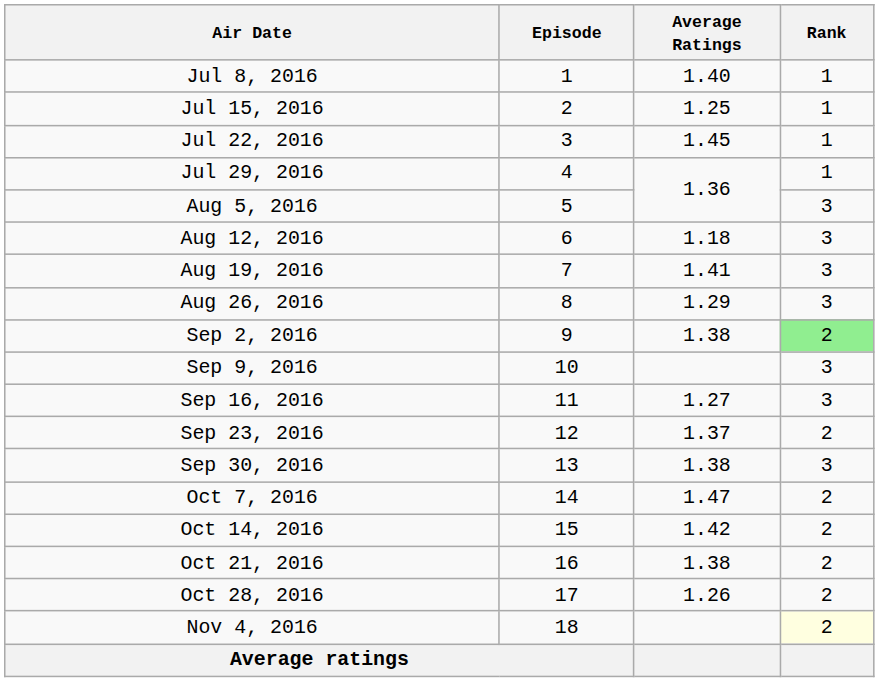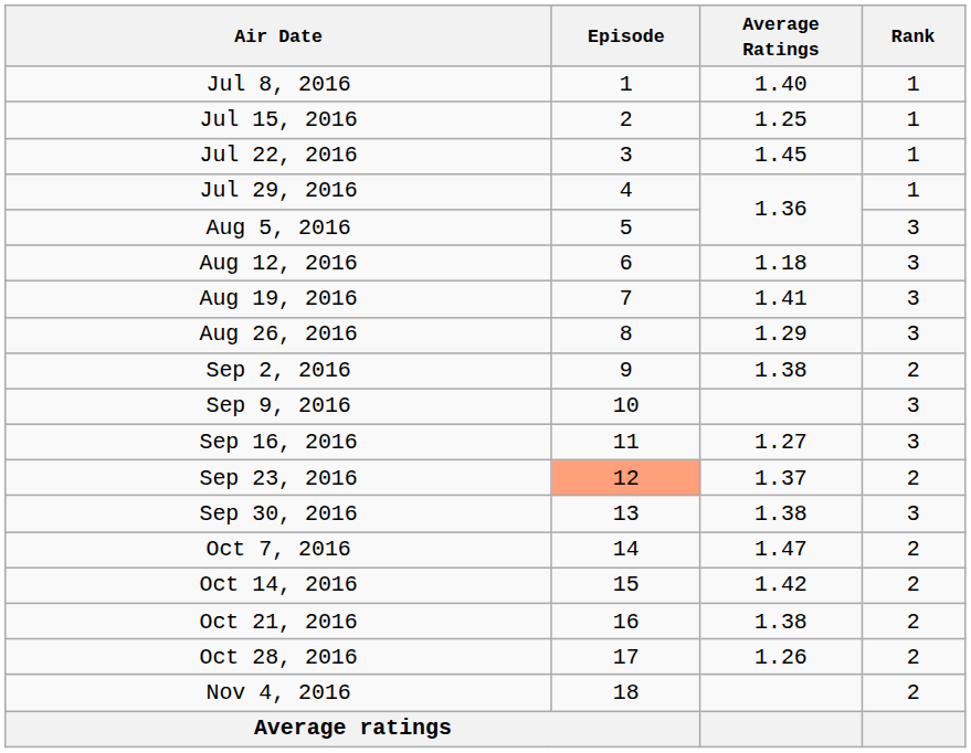 <table class="wikitable" style="text-align:center;width:45%;">
 <tr>
 <th width="25%"><small>Air Date</small></th>
 <th width="5%"><small>Episode</small></th>
 <th width="6%"><small>Average Ratings</small></th>
 <th width="4%"><small>Rank</small></th>
 </tr>
 <tr>
 <td>Jul 8, 2016</td>
 <td>1</td>
 <td>1.40</td>
 <td>1</td>
 </tr>
 <tr>
 <td>Jul 15, 2016</td>
 <td>2</td>
 <td>1.25</td>
 <td>1</td>
 </tr>
 <tr>
 <td>Jul 22, 2016</td>
 <td>3</td>
 <td>1.45</td>
 <td>1</td>
 </tr>
 <tr>
 <td>Jul 29, 2016</td>
 <td>4</td>
 <td rowspan=2>1.36</td>
 <td>1</td>
 </tr>
 <tr>
 <td>Aug 5, 2016</td>
 <td>5</td>
 <td>3</td>
 </tr>
 <tr>
 <td>Aug 12, 2016</td>
 <td>6</td>
 <td>1.18</td>
 <td>3</td>
 </tr>
 <tr>
 <td>Aug 19, 2016</td>
 <td>7</td>
 <td>1.41</td>
 <td>3</td>
 </tr>
 <tr>
 <td>Aug 26, 2016</td>
 <td>8</td>
 <td>1.29</td>
 <td>3</td>
 </tr>
 <tr>
 <td>Sep 2, 2016</td>
 <td>9</td>
 <td>1.38</td>
-<td style="background: lightgreen;">2</td>
+<td>2</td>
 </tr>
 <tr>
 <td>Sep 9, 2016</td>
 <td>10</td>
 <td><strong></strong></td>
 <td>3</td>
 </tr>
 <tr>
 <td>Sep 16, 2016</td>
 <td>11</td>
 <td>1.27</td>
 <td>3</td>
 </tr>
 <tr>
 <td>Sep 23, 2016</td>
-<td>12</td>
+<td style="background: lightsalmon;">12</td>
 <td>1.37</td>
 <td>2</td>
 </tr>
 <tr>
 <td>Sep 30, 2016</td>
 <td>13</td>
 <td>1.38</td>
 <td>3</td>
 </tr>
 <tr>
 <td>Oct 7, 2016</td>
 <td>14</td>
 <td>1.47</td>
 <td>2</td>
 </tr>
 <tr>
 <td>Oct 14, 2016</td>
 <td>15</td>
 <td>1.42</td>
 <td>2</td>
 </tr>
 <tr>
 <td>Oct 21, 2016</td>
 <td>16</td>
 <td>1.38</td>
 <td>2</td>
 </tr>
 <tr>
 <td>Oct 28, 2016</td>
 <td>17</td>
 <td>1.26</td>
 <td>2</td>
 </tr>
 <tr>
 <td>Nov 4, 2016</td>
 <td>18</td>
 <td><strong></strong></td>
-<td style="background: lightyellow;">2</td>
+<td>2</td>
 </tr>
 <tr>
 <th colspan="2"><strong>Average ratings</strong></th>
 <th></th>
 <th></th>
 </tr>
 </table>
